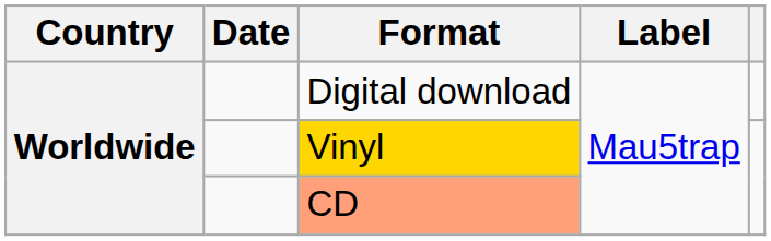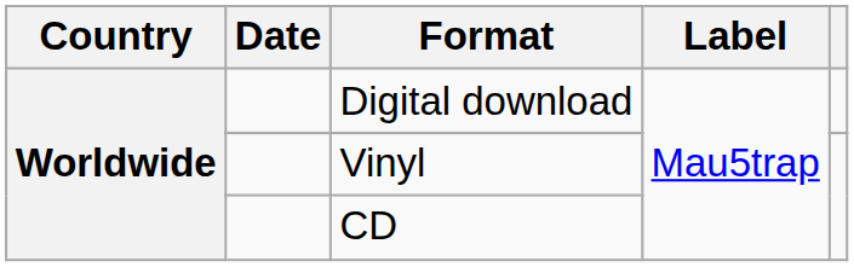 <table class="wikitable plainrowheaders">
 <tr>
 <th>Country</th>
 <th>Date</th>
 <th>Format</th>
 <th>Label</th>
 <th></th>
 </tr>
 <tr>
 <th scope="row" rowspan=3>Worldwide</th>
 <td></td>
 <td>Digital download</td>
 <td rowspan=3><a href='#'>Mau5trap</a></td>
 <td></td>
 </tr>
 <tr>
 <td></td>
-<td style="background: gold;">Vinyl</td>
+<td>Vinyl</td>
 <td rowspan="2"></td>
 </tr>
 <tr>
 <td></td>
-<td style="background: lightsalmon;">CD</td>
+<td>CD</td>
 </tr>
 </table>
